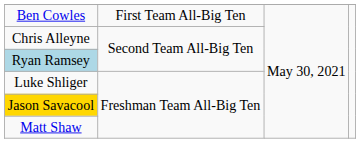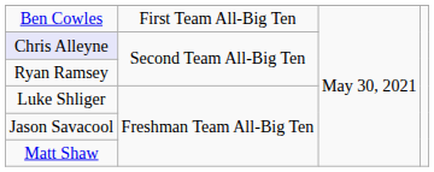 <table class="wikitable sortable" style="text-align: center">
 <tr align=center>
 </tr>
 <tr>
 <td><a href='#'>Ben Cowles</a></td>
 <td rowspan="1">First Team All-Big Ten</td>
 <td rowspan="6">May 30, 2021</td>
 <td rowspan="6"></td>
 </tr>
 <tr>
-<td>Chris Alleyne</td>
+<td style="background: lavender;">Chris Alleyne</td>
 <td rowspan="2">Second Team All-Big Ten</td>
 </tr>
 <tr>
-<td style="background: lightblue;">Ryan Ramsey</td>
+<td>Ryan Ramsey</td>
 </tr>
 <tr>
 <td>Luke Shliger</td>
 <td rowspan="3">Freshman Team All-Big Ten</td>
 </tr>
 <tr>
-<td style="background: gold;">Jason Savacool</td>
+<td>Jason Savacool</td>
 </tr>
 <tr>
 <td><a href='#'>Matt Shaw</a></td>
 </tr>
 </table>
